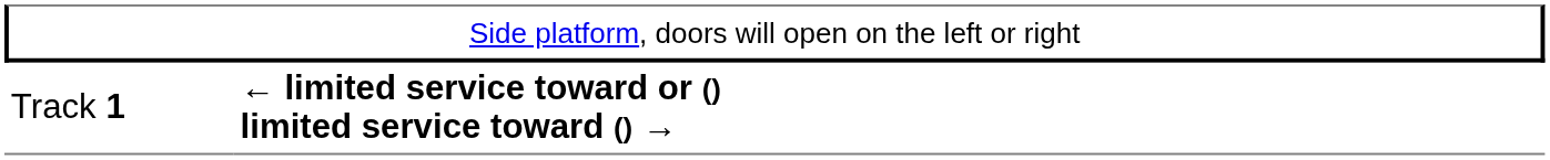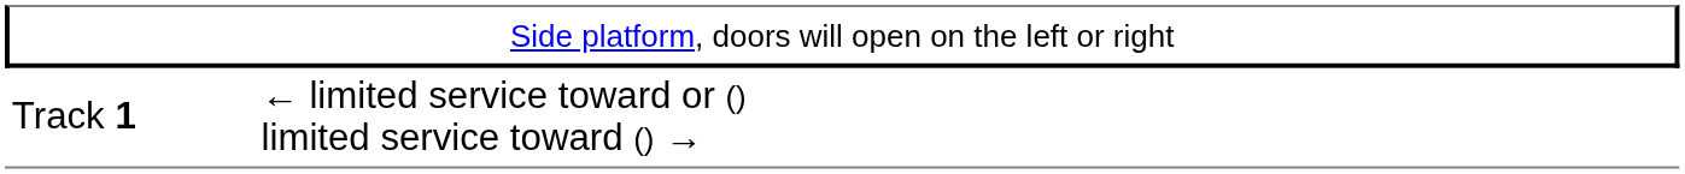 <table table border=0 cellspacing=0 cellpadding=3>
 <tr>
 <td style="border-top:solid 1px gray;border-bottom:solid 2px black;border-right:solid 2px black;border-left:solid 2px black;text-align:center;" colspan=2><small><a href='#'>Side platform</a>, doors will open on the left or right</small> </td>
 </tr>
 <tr>
 <td style="border-bottom:solid 1px gray;" width=100>Track <strong>1</strong></td>
-<td style="border-bottom:solid 1px gray;" width=600><strong>←  limited service toward  or  <small>()</small><br>  limited service toward  <small>()</small> →</strong></td>
+<td style="border-bottom:solid 1px gray;" width=600>←  limited service toward  or  <small>()</small><br>  limited service toward  <small>()</small> →</td>
 </tr>
 </table>
